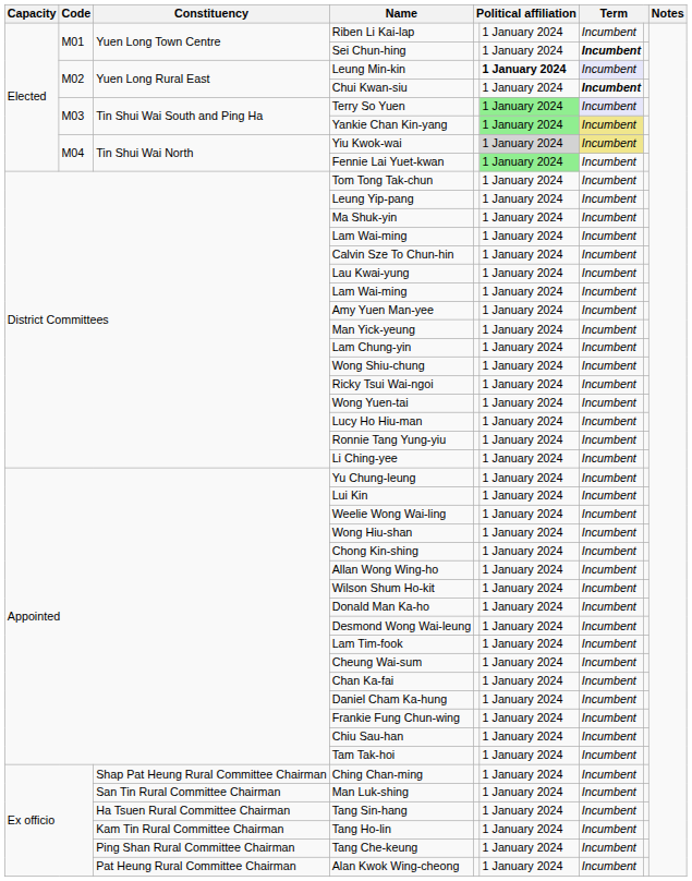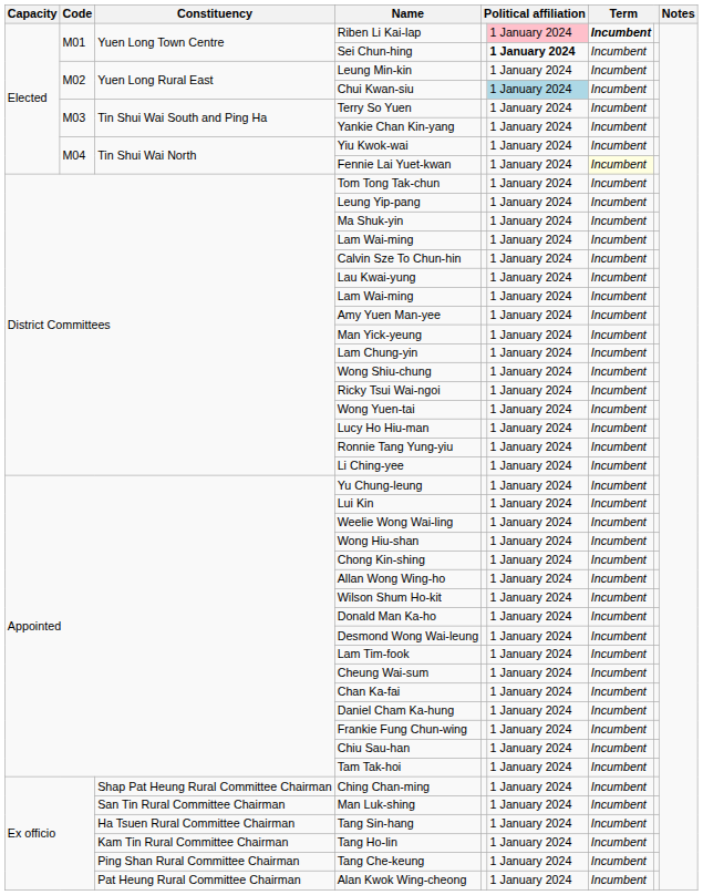 <table class="wikitable sortable" border=1>
 <tr>
 <th>Capacity</th>
 <th>Code</th>
 <th>Constituency</th>
 <th>Name</th>
 <th colspan=2>Political affiliation</th>
 <th colspan="2">Term</th>
 <th class="unsortable">Notes</th>
 </tr>
 <tr>
 <td rowspan="8">Elected</td>
 <td rowspan="2">M01</td>
 <td rowspan="2">Yuen Long Town Centre</td>
 <td>Riben Li Kai-lap</td>
 <td></td>
-<td>1 January 2024</td>
-<td><em>Incumbent</em></td>
+<td style="background: pink;">1 January 2024</td>
+<td><strong><em>Incumbent</em></strong></td>
 <td></td>
 </tr>
 <tr>
 <td>Sei Chun-hing</td>
 <td></td>
-<td>1 January 2024</td>
-<td><strong><em>Incumbent</em></strong></td>
+<td><strong>1 January 2024</strong></td>
+<td><em>Incumbent</em></td>
 <td></td>
 </tr>
 <tr>
 <td rowspan="2">M02</td>
 <td rowspan="2">Yuen Long Rural East</td>
 <td>Leung Min-kin</td>
 <td></td>
-<td><strong>1 January 2024</strong></td>
-<td style="background: lavender;"><em>Incumbent</em></td>
+<td>1 January 2024</td>
+<td><em>Incumbent</em></td>
 <td></td>
 </tr>
 <tr>
 <td>Chui Kwan-siu</td>
 <td></td>
-<td>1 January 2024</td>
-<td><strong><em>Incumbent</em></strong></td>
+<td style="background: lightblue;">1 January 2024</td>
+<td><em>Incumbent</em></td>
 <td></td>
 </tr>
 <tr>
 <td rowspan="2">M03</td>
 <td rowspan="2">Tin Shui Wai South and Ping Ha</td>
 <td>Terry So Yuen</td>
 <td></td>
-<td style="background: lightgreen;">1 January 2024</td>
-<td style="background: lavender;"><em>Incumbent</em></td>
+<td>1 January 2024</td>
+<td><em>Incumbent</em></td>
 <td></td>
 </tr>
 <tr>
 <td>Yankie Chan Kin-yang</td>
 <td></td>
-<td style="background: lightgreen;">1 January 2024</td>
-<td style="background: khaki;"><em>Incumbent</em></td>
+<td>1 January 2024</td>
+<td><em>Incumbent</em></td>
 <td></td>
 </tr>
 <tr>
 <td rowspan="2">M04</td>
 <td rowspan="2">Tin Shui Wai North</td>
 <td>Yiu Kwok-wai</td>
 <td></td>
-<td style="background: lightgrey;">1 January 2024</td>
-<td style="background: khaki;"><em>Incumbent</em></td>
+<td>1 January 2024</td>
+<td><em>Incumbent</em></td>
 <td></td>
 </tr>
 <tr>
 <td>Fennie Lai Yuet-kwan</td>
 <td></td>
-<td style="background: lightgreen;">1 January 2024</td>
-<td><em>Incumbent</em></td>
+<td>1 January 2024</td>
+<td style="background: lightyellow;"><em>Incumbent</em></td>
 <td></td>
 </tr>
 <tr>
 <td colspan="3" rowspan="16">District Committees</td>
 <td>Tom Tong Tak-chun</td>
 <td></td>
 <td>1 January 2024</td>
 <td><em>Incumbent</em></td>
 <td></td>
 </tr>
 <tr>
 <td>Leung Yip-pang</td>
 <td></td>
 <td>1 January 2024</td>
 <td><em>Incumbent</em></td>
 <td></td>
 </tr>
 <tr>
 <td>Ma Shuk-yin</td>
 <td></td>
 <td>1 January 2024</td>
 <td><em>Incumbent</em></td>
 <td></td>
 </tr>
 <tr>
 <td>Lam Wai-ming</td>
 <td></td>
 <td>1 January 2024</td>
 <td><em>Incumbent</em></td>
 <td></td>
 </tr>
 <tr>
 <td>Calvin Sze To Chun-hin</td>
 <td></td>
 <td>1 January 2024</td>
 <td><em>Incumbent</em></td>
 <td></td>
 </tr>
 <tr>
 <td>Lau Kwai-yung</td>
 <td></td>
 <td>1 January 2024</td>
 <td><em>Incumbent</em></td>
 <td></td>
 </tr>
 <tr>
 <td>Lam Wai-ming</td>
 <td></td>
 <td>1 January 2024</td>
 <td><em>Incumbent</em></td>
 <td></td>
 </tr>
 <tr>
 <td>Amy Yuen Man-yee</td>
 <td></td>
 <td>1 January 2024</td>
 <td><em>Incumbent</em></td>
 <td></td>
 </tr>
 <tr>
 <td>Man Yick-yeung</td>
 <td></td>
 <td>1 January 2024</td>
 <td><em>Incumbent</em></td>
 <td></td>
 </tr>
 <tr>
 <td>Lam Chung-yin</td>
 <td></td>
 <td>1 January 2024</td>
 <td><em>Incumbent</em></td>
 <td></td>
 </tr>
 <tr>
 <td>Wong Shiu-chung</td>
 <td></td>
 <td>1 January 2024</td>
 <td><em>Incumbent</em></td>
 <td></td>
 </tr>
 <tr>
 <td>Ricky Tsui Wai-ngoi</td>
 <td></td>
 <td>1 January 2024</td>
 <td><em>Incumbent</em></td>
 <td></td>
 </tr>
 <tr>
 <td>Wong Yuen-tai</td>
 <td></td>
 <td>1 January 2024</td>
 <td><em>Incumbent</em></td>
 <td></td>
 </tr>
 <tr>
 <td>Lucy Ho Hiu-man</td>
 <td></td>
 <td>1 January 2024</td>
 <td><em>Incumbent</em></td>
 <td></td>
 </tr>
 <tr>
 <td>Ronnie Tang Yung-yiu</td>
 <td></td>
 <td>1 January 2024</td>
 <td><em>Incumbent</em></td>
 <td></td>
 </tr>
 <tr>
 <td>Li Ching-yee</td>
 <td></td>
 <td>1 January 2024</td>
 <td><em>Incumbent</em></td>
 <td></td>
 </tr>
 <tr>
 <td colspan="3" rowspan="16">Appointed</td>
 <td>Yu Chung-leung</td>
 <td></td>
 <td>1 January 2024</td>
 <td><em>Incumbent</em></td>
 <td></td>
 </tr>
 <tr>
 <td>Lui Kin</td>
 <td></td>
 <td>1 January 2024</td>
 <td><em>Incumbent</em></td>
 <td></td>
 </tr>
 <tr>
 <td>Weelie Wong Wai-ling</td>
 <td></td>
 <td>1 January 2024</td>
 <td><em>Incumbent</em></td>
 <td></td>
 </tr>
 <tr>
 <td>Wong Hiu-shan</td>
 <td></td>
 <td>1 January 2024</td>
 <td><em>Incumbent</em></td>
 <td></td>
 </tr>
 <tr>
 <td>Chong Kin-shing</td>
 <td></td>
 <td>1 January 2024</td>
 <td><em>Incumbent</em></td>
 <td></td>
 </tr>
 <tr>
 <td>Allan Wong Wing-ho</td>
 <td></td>
 <td>1 January 2024</td>
 <td><em>Incumbent</em></td>
 <td></td>
 </tr>
 <tr>
 <td>Wilson Shum Ho-kit</td>
 <td></td>
 <td>1 January 2024</td>
 <td><em>Incumbent</em></td>
 <td></td>
 </tr>
 <tr>
 <td>Donald Man Ka-ho</td>
 <td></td>
 <td>1 January 2024</td>
 <td><em>Incumbent</em></td>
 <td></td>
 </tr>
 <tr>
 <td>Desmond Wong Wai-leung</td>
 <td></td>
 <td>1 January 2024</td>
 <td><em>Incumbent</em></td>
 <td></td>
 </tr>
 <tr>
 <td>Lam Tim-fook</td>
 <td></td>
 <td>1 January 2024</td>
 <td><em>Incumbent</em></td>
 <td></td>
 </tr>
 <tr>
 <td>Cheung Wai-sum</td>
 <td></td>
 <td>1 January 2024</td>
 <td><em>Incumbent</em></td>
 <td></td>
 </tr>
 <tr>
 <td>Chan Ka-fai</td>
 <td></td>
 <td>1 January 2024</td>
 <td><em>Incumbent</em></td>
 <td></td>
 </tr>
 <tr>
 <td>Daniel Cham Ka-hung</td>
 <td></td>
 <td>1 January 2024</td>
 <td><em>Incumbent</em></td>
 <td></td>
 </tr>
 <tr>
 <td>Frankie Fung Chun-wing</td>
 <td></td>
 <td>1 January 2024</td>
 <td><em>Incumbent</em></td>
 <td></td>
 </tr>
 <tr>
 <td>Chiu Sau-han</td>
 <td></td>
 <td>1 January 2024</td>
 <td><em>Incumbent</em></td>
 <td></td>
 </tr>
 <tr>
 <td>Tam Tak-hoi</td>
 <td></td>
 <td>1 January 2024</td>
 <td><em>Incumbent</em></td>
 <td></td>
 </tr>
 <tr>
 <td colspan="2" rowspan="6">Ex officio</td>
 <td>Shap Pat Heung Rural Committee Chairman</td>
 <td>Ching Chan-ming</td>
 <td></td>
 <td>1 January 2024</td>
 <td><em>Incumbent</em></td>
 <td></td>
 </tr>
 <tr>
 <td>San Tin Rural Committee Chairman</td>
 <td>Man Luk-shing</td>
 <td></td>
 <td>1 January 2024</td>
 <td><em>Incumbent</em></td>
 <td></td>
 </tr>
 <tr>
 <td>Ha Tsuen Rural Committee Chairman</td>
 <td>Tang Sin-hang</td>
 <td></td>
 <td>1 January 2024</td>
 <td><em>Incumbent</em></td>
 <td></td>
 </tr>
 <tr>
 <td>Kam Tin Rural Committee Chairman</td>
 <td>Tang Ho-lin</td>
 <td></td>
 <td>1 January 2024</td>
 <td><em>Incumbent</em></td>
 <td></td>
 </tr>
 <tr>
 <td>Ping Shan Rural Committee Chairman</td>
 <td>Tang Che-keung</td>
 <td></td>
 <td>1 January 2024</td>
 <td><em>Incumbent</em></td>
 <td></td>
 </tr>
 <tr>
 <td>Pat Heung Rural Committee Chairman</td>
 <td>Alan Kwok Wing-cheong</td>
 <td></td>
 <td>1 January 2024</td>
 <td><em>Incumbent</em></td>
 <td></td>
 </tr>
 </table>
